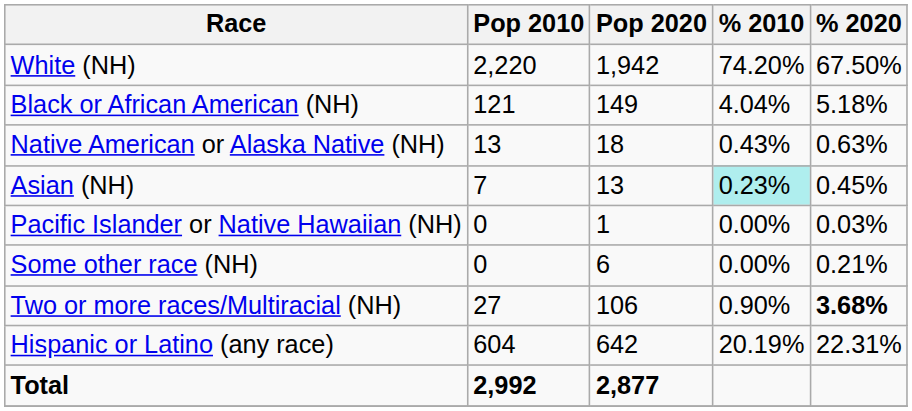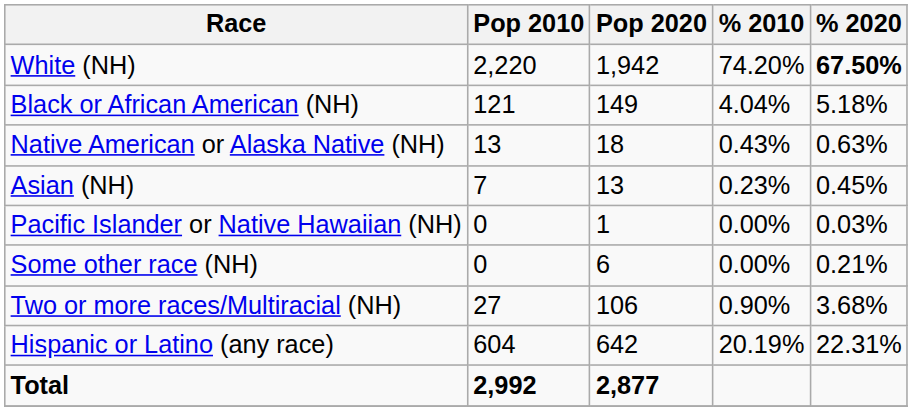 <table class="wikitable">
 <tr>
 <th>Race</th>
 <th>Pop 2010</th>
 <th>Pop 2020</th>
 <th>% 2010</th>
 <th>% 2020</th>
 </tr>
 <tr>
 <td><a href='#'>White</a> (NH)</td>
 <td>2,220</td>
 <td>1,942</td>
 <td>74.20%</td>
-<td>67.50%</td>
+<td><strong>67.50%</strong></td>
 </tr>
 <tr>
 <td><a href='#'>Black or African American</a> (NH)</td>
 <td>121</td>
 <td>149</td>
 <td>4.04%</td>
 <td>5.18%</td>
 </tr>
 <tr>
 <td><a href='#'>Native American</a> or <a href='#'>Alaska Native</a> (NH)</td>
 <td>13</td>
 <td>18</td>
 <td>0.43%</td>
 <td>0.63%</td>
 </tr>
 <tr>
 <td><a href='#'>Asian</a> (NH)</td>
 <td>7</td>
 <td>13</td>
-<td style="background: paleturquoise;">0.23%</td>
+<td>0.23%</td>
 <td>0.45%</td>
 </tr>
 <tr>
 <td><a href='#'>Pacific Islander</a> or <a href='#'>Native Hawaiian</a> (NH)</td>
 <td>0</td>
 <td>1</td>
 <td>0.00%</td>
 <td>0.03%</td>
 </tr>
 <tr>
 <td><a href='#'>Some other race</a> (NH)</td>
 <td>0</td>
 <td>6</td>
 <td>0.00%</td>
 <td>0.21%</td>
 </tr>
 <tr>
 <td><a href='#'>Two or more races/Multiracial</a> (NH)</td>
 <td>27</td>
 <td>106</td>
 <td>0.90%</td>
-<td><strong>3.68%</strong></td>
+<td>3.68%</td>
 </tr>
 <tr>
 <td><a href='#'>Hispanic or Latino</a> (any race)</td>
 <td>604</td>
 <td>642</td>
 <td>20.19%</td>
 <td>22.31%</td>
 </tr>
 <tr>
 <td><strong>Total</strong></td>
 <td><strong>2,992</strong></td>
 <td><strong>2,877</strong></td>
 <td></td>
 <td></td>
 </tr>
 <tr>
 </tr>
 </table>
